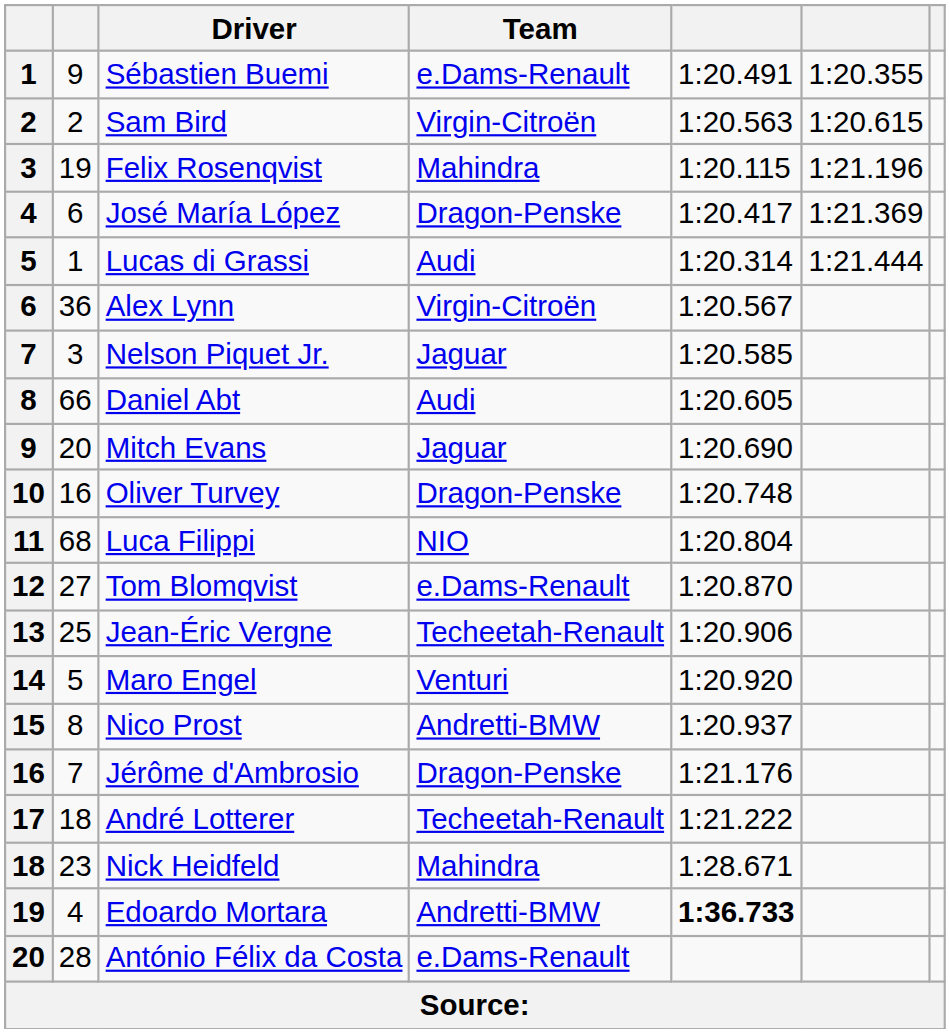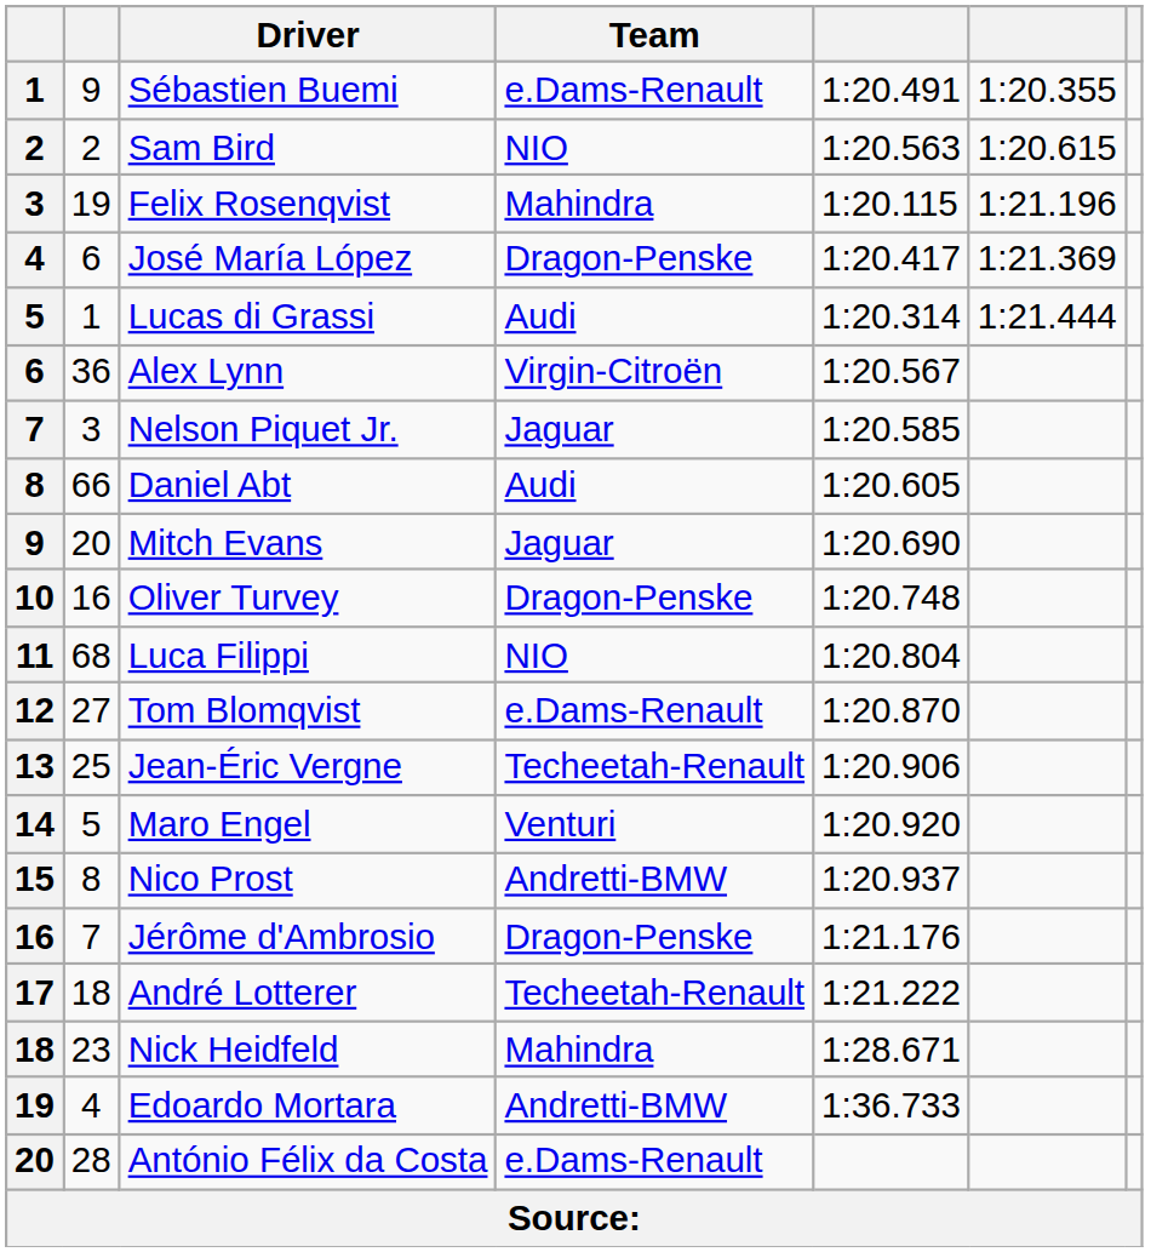 <table class="wikitable sortable" style="font-size: 85%">
 <tr>
 <th scope="col"></th>
 <th scope="col"></th>
 <th scope="col">Driver</th>
 <th scope="col">Team</th>
 <th scope="col"></th>
 <th scope="col"></th>
 <th scope="col"></th>
 </tr>
 <tr>
 <th scope="row">1</th>
 <td align="center">9</td>
 <td data-sort-value="BUE"> <a href='#'>Sébastien Buemi</a></td>
 <td><a href='#'>e.Dams-Renault</a></td>
 <td>1:20.491</td>
 <td>1:20.355</td>
 <td align="center"></td>
 </tr>
 <tr>
 <th scope="row">2</th>
 <td align="center">2</td>
 <td data-sort-value="BIR"> <a href='#'>Sam Bird</a></td>
-<td><a href='#'>Virgin-Citroën</a></td>
+<td><a href='#'>NIO</a></td>
 <td>1:20.563</td>
 <td>1:20.615</td>
 <td align="center"></td>
 </tr>
 <tr>
 <th scope="row">3</th>
 <td align="center">19</td>
 <td data-sort-value="ROS"> <a href='#'>Felix Rosenqvist</a></td>
 <td><a href='#'>Mahindra</a></td>
 <td>1:20.115</td>
 <td>1:21.196</td>
 <td align="center"></td>
 </tr>
 <tr>
 <th scope="row">4</th>
 <td align="center">6</td>
 <td data-sort-value="LOP"> <a href='#'>José María López</a></td>
 <td><a href='#'>Dragon-Penske</a></td>
 <td>1:20.417</td>
 <td>1:21.369</td>
 <td align="center"></td>
 </tr>
 <tr>
 <th scope="row">5</th>
 <td align="center">1</td>
 <td data-sort-value="DIG"> <a href='#'>Lucas di Grassi</a></td>
 <td><a href='#'>Audi</a></td>
 <td>1:20.314</td>
 <td>1:21.444</td>
 <td align="center"></td>
 </tr>
 <tr>
 <th scope="row">6</th>
 <td align="center">36</td>
 <td data-sort-value="LYN"> <a href='#'>Alex Lynn</a></td>
 <td><a href='#'>Virgin-Citroën</a></td>
 <td>1:20.567</td>
 <td></td>
 <td align="center"></td>
 </tr>
 <tr>
 <th scope="row">7</th>
 <td align="center">3</td>
 <td data-sort-value="PIQ"> <a href='#'>Nelson Piquet Jr.</a></td>
 <td><a href='#'>Jaguar</a></td>
 <td>1:20.585</td>
 <td></td>
 <td align="center"></td>
 </tr>
 <tr>
 <th scope="row">8</th>
 <td align="center">66</td>
 <td data-sort-value="ABT"> <a href='#'>Daniel Abt</a></td>
 <td><a href='#'>Audi</a></td>
 <td>1:20.605</td>
 <td></td>
 <td align="center"></td>
 </tr>
 <tr>
 <th scope="row">9</th>
 <td align="center">20</td>
 <td data-sort-value="EVA"> <a href='#'>Mitch Evans</a></td>
 <td><a href='#'>Jaguar</a></td>
 <td>1:20.690</td>
 <td></td>
 <td align="center"></td>
 </tr>
 <tr>
 <th scope="row">10</th>
 <td align="center">16</td>
 <td data-sort-value="TUR"> <a href='#'>Oliver Turvey</a></td>
 <td><a href='#'>Dragon-Penske</a></td>
 <td>1:20.748</td>
 <td></td>
 <td align="center"></td>
 </tr>
 <tr>
 <th scope="row">11</th>
 <td align="center">68</td>
 <td data-sort-value="FIL"> <a href='#'>Luca Filippi</a></td>
 <td><a href='#'>NIO</a></td>
 <td>1:20.804</td>
 <td></td>
 <td align="center"></td>
 </tr>
 <tr>
 <th scope="row">12</th>
 <td align="center">27</td>
 <td data-sort-value="BLO"> <a href='#'>Tom Blomqvist</a></td>
 <td><a href='#'>e.Dams-Renault</a></td>
 <td>1:20.870</td>
 <td></td>
 <td align="center"></td>
 </tr>
 <tr>
 <th scope="row">13</th>
 <td align="center">25</td>
 <td data-sort-value="VER"> <a href='#'>Jean-Éric Vergne</a></td>
 <td><a href='#'>Techeetah-Renault</a></td>
 <td>1:20.906</td>
 <td></td>
 <td align="center"></td>
 </tr>
 <tr>
 <th scope="row">14</th>
 <td align="center">5</td>
 <td data-sort-value="ENG"> <a href='#'>Maro Engel</a></td>
 <td><a href='#'>Venturi</a></td>
 <td>1:20.920</td>
 <td></td>
 <td align="center"></td>
 </tr>
 <tr>
 <th scope="row">15</th>
 <td align="center">8</td>
 <td data-sort-value="PRO"> <a href='#'>Nico Prost</a></td>
 <td><a href='#'>Andretti-BMW</a></td>
 <td>1:20.937</td>
 <td></td>
 <td align="center"></td>
 </tr>
 <tr>
 <th scope="row">16</th>
 <td align="center">7</td>
 <td data-sort-value="DAM"> <a href='#'>Jérôme d'Ambrosio</a></td>
 <td><a href='#'>Dragon-Penske</a></td>
 <td>1:21.176</td>
 <td></td>
 <td align="center"></td>
 </tr>
 <tr>
 <th scope="row">17</th>
 <td align="center">18</td>
 <td data-sort-value="LOT"> <a href='#'>André Lotterer</a></td>
 <td><a href='#'>Techeetah-Renault</a></td>
 <td>1:21.222</td>
 <td></td>
 <td align="center"></td>
 </tr>
 <tr>
 <th scope="row">18</th>
 <td align="center">23</td>
 <td data-sort-value="HEI"> <a href='#'>Nick Heidfeld</a></td>
 <td><a href='#'>Mahindra</a></td>
 <td>1:28.671</td>
 <td></td>
 <td align="center"></td>
 </tr>
 <tr>
 <th scope="row">19</th>
 <td align="center">4</td>
 <td data-sort-value="MOR"> <a href='#'>Edoardo Mortara</a></td>
 <td><a href='#'>Andretti-BMW</a></td>
-<td><strong>1:36.733</strong></td>
+<td>1:36.733</td>
 <td></td>
 <td align="center"></td>
 </tr>
 <tr>
 <th scope="row">20</th>
 <td align="center">28</td>
 <td data-sort-value="FDC"> <a href='#'>António Félix da Costa</a></td>
 <td><a href='#'>e.Dams-Renault</a></td>
 <td></td>
 <td></td>
 <td align="center"></td>
 </tr>
 <tr>
 <th colspan="7">Source:</th>
 </tr>
 <tr>
 </tr>
 </table>
